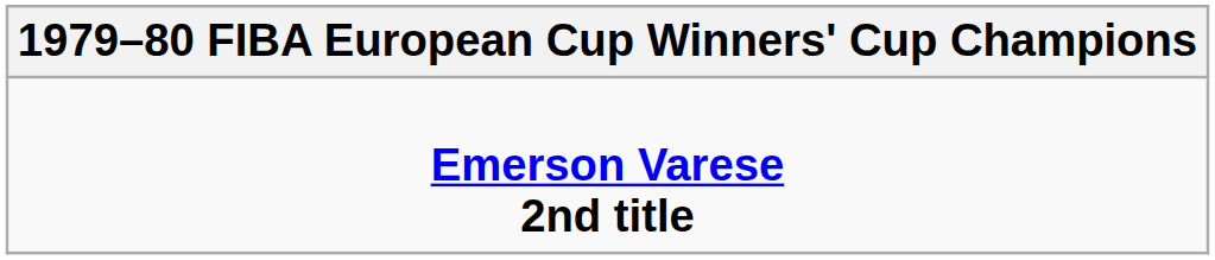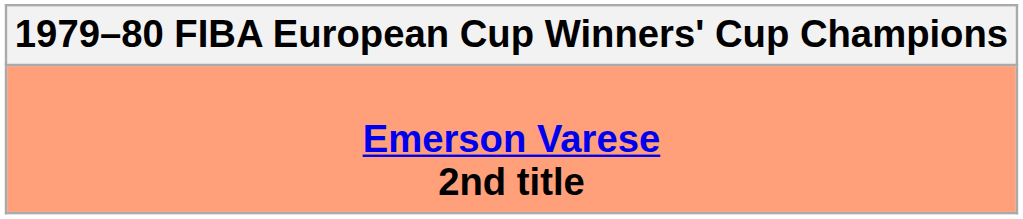 <table class=wikitable style="text-align:center; margin:auto">
 <tr>
 <th>1979–80 FIBA European Cup Winners' Cup Champions</th>
 </tr>
 <tr>
-<td><br> <strong><a href='#'>Emerson Varese</a></strong> <br> <strong>2nd title</strong></td>
+<td style="background: lightsalmon;"><br> <strong><a href='#'>Emerson Varese</a></strong> <br> <strong>2nd title</strong></td>
 </tr>
 </table>
